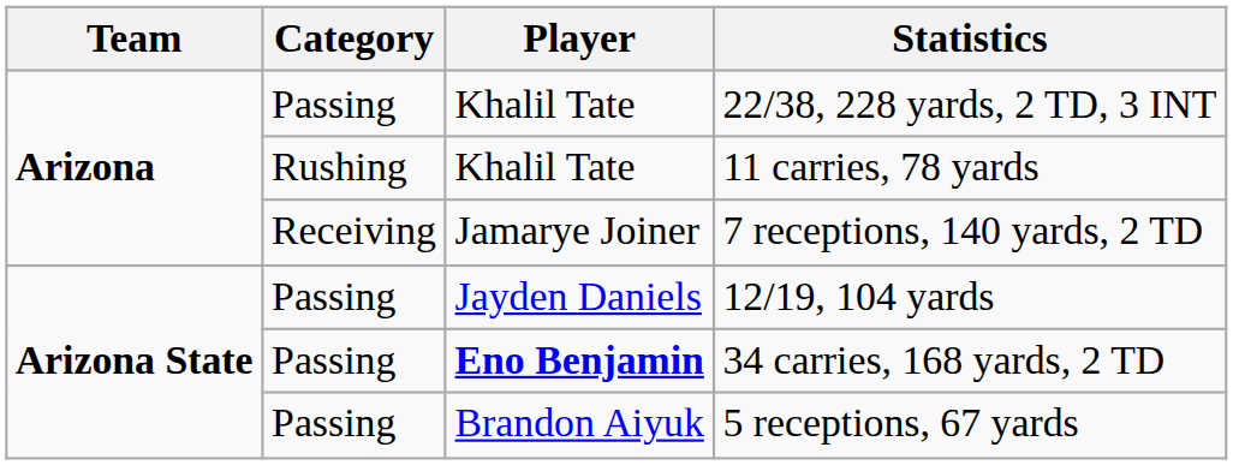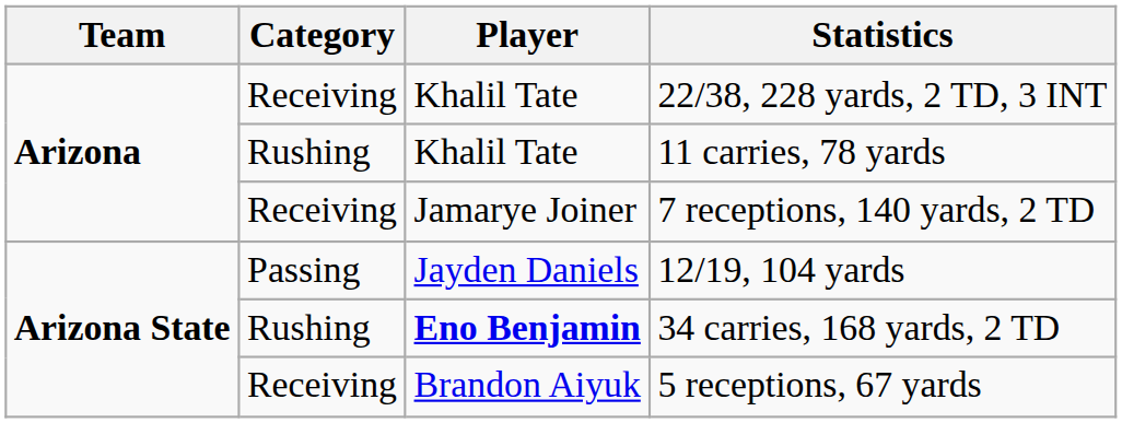 <table class="wikitable" style="float: right;">
 <tr>
 <th>Team</th>
 <th>Category</th>
 <th>Player</th>
 <th>Statistics</th>
 </tr>
 <tr>
 <td rowspan=3><strong>Arizona</strong></td>
-<td>Passing</td>
+<td>Receiving</td>
 <td>Khalil Tate</td>
 <td>22/38, 228 yards, 2 TD, 3 INT</td>
 </tr>
 <tr>
 <td>Rushing</td>
 <td>Khalil Tate</td>
 <td>11 carries, 78 yards</td>
 </tr>
 <tr>
 <td>Receiving</td>
 <td>Jamarye Joiner</td>
 <td>7 receptions, 140 yards, 2 TD</td>
 </tr>
 <tr>
 <td rowspan=3><strong>Arizona State</strong></td>
 <td>Passing</td>
 <td><a href='#'>Jayden Daniels</a></td>
 <td>12/19, 104 yards</td>
 </tr>
 <tr>
-<td>Passing</td>
+<td>Rushing</td>
 <td><strong><a href='#'>Eno Benjamin</a></strong></td>
 <td>34 carries, 168 yards, 2 TD</td>
 </tr>
 <tr>
-<td>Passing</td>
+<td>Receiving</td>
 <td><a href='#'>Brandon Aiyuk</a></td>
 <td>5 receptions, 67 yards</td>
 </tr>
 </table>
